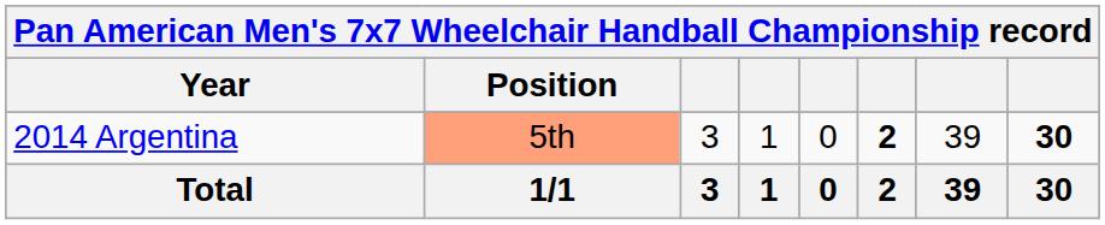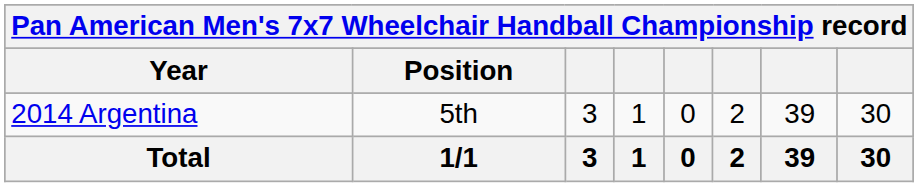 <table class="wikitable" style="text-align: center;">
 <tr>
 <th colspan=10><a href='#'>Pan American Men's 7x7 Wheelchair Handball Championship</a> record</th>
 </tr>
 <tr>
 <th>Year</th>
 <th>Position</th>
 <th></th>
 <th></th>
 <th></th>
 <th></th>
 <th></th>
 <th></th>
 </tr>
 <tr>
 <td align=left> <a href='#'>2014 Argentina</a></td>
-<td style="background: lightsalmon;">5th</td>
+<td>5th</td>
 <td>3</td>
 <td>1</td>
 <td>0</td>
-<td><strong>2</strong></td>
+<td>2</td>
 <td>39</td>
-<td><strong>30</strong></td>
+<td>30</td>
 </tr>
 <tr>
 <th>Total</th>
 <th>1/1</th>
 <th>3</th>
 <th>1</th>
 <th>0</th>
 <th>2</th>
 <th>39</th>
 <th>30</th>
 </tr>
 </table>
